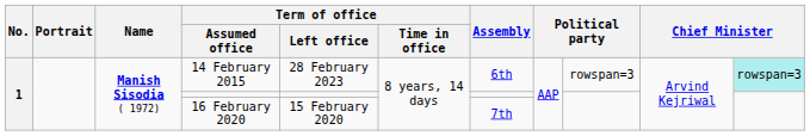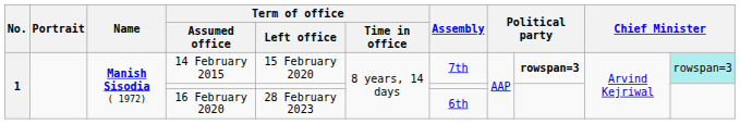 <table class="wikitable sortable" style="text-align:center;">
 <tr>
 <th rowspan="2">No.</th>
 <th rowspan="2">Portrait</th>
 <th rowspan="2">Name<br><small></small></th>
 <th colspan="3">Term of office</th>
 <th rowspan="2"><a href='#'>Assembly</a><br></th>
 <th colspan="2" rowspan="2">Political party</th>
 <th colspan="2" rowspan="2"><a href='#'>Chief Minister</a></th>
 </tr>
 <tr>
 <th>Assumed office</th>
 <th>Left office</th>
 <th>Time in office</th>
 </tr>
 <tr>
 <th rowspan="3">1</th>
 <td rowspan="3"></td>
 <td rowspan="3"><strong><a href='#'>Manish Sisodia</a></strong><br><small>( 1972)</small></td>
 <td>14 February 2015</td>
-<td>28 February 2023</td>
+<td>15 February 2020</td>
 <td rowspan="3">8 years, 14 days</td>
-<td><a href='#'>6th</a><br></td>
+<td><a href='#'>7th</a><br></td>
 <td rowspan="3"><a href='#'>AAP</a></td>
-<td>rowspan=3 </td>
+<td><strong>rowspan=3 </strong></td>
 <td rowspan="3"><a href='#'>Arvind Kejriwal</a></td>
 <td style="background: paleturquoise;">rowspan=3 </td>
 </tr>
 <tr>
 <td></td>
 <td></td>
 <td></td>
 </tr>
 <tr>
 <td>16 February 2020</td>
-<td>15 February 2020</td>
-<td><a href='#'>7th</a><br></td>
+<td>28 February 2023</td>
+<td><a href='#'>6th</a><br></td>
 </tr>
 </table>
